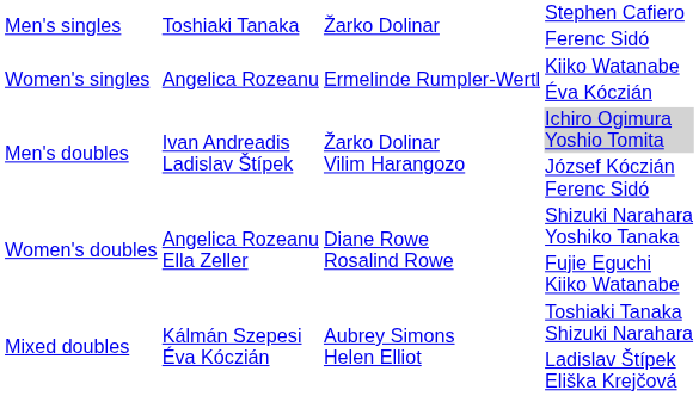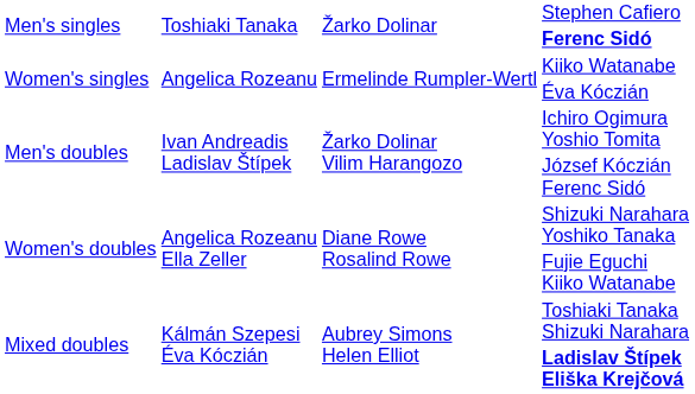 <table>
 <tr>
 <td rowspan=2><a href='#'>Men's singles</a></td>
 <td rowspan=2> <a href='#'>Toshiaki Tanaka</a></td>
 <td rowspan=2> <a href='#'>Žarko Dolinar</a></td>
 <td> <a href='#'>Stephen Cafiero</a></td>
 </tr>
 <tr>
-<td> <a href='#'>Ferenc Sidó</a></td>
+<td><strong> <a href='#'>Ferenc Sidó</a></strong></td>
 </tr>
 <tr>
 <td rowspan=2><a href='#'>Women's singles</a></td>
 <td rowspan=2> <a href='#'>Angelica Rozeanu</a></td>
 <td rowspan=2> <a href='#'>Ermelinde Rumpler-Wertl</a></td>
 <td> <a href='#'>Kiiko Watanabe</a></td>
 </tr>
 <tr>
 <td> <a href='#'>Éva Kóczián</a></td>
 </tr>
 <tr>
 <td rowspan=2><a href='#'>Men's doubles</a></td>
 <td rowspan=2> <a href='#'>Ivan Andreadis</a><br> <a href='#'>Ladislav Štípek</a></td>
 <td rowspan=2> <a href='#'>Žarko Dolinar</a><br> <a href='#'>Vilim Harangozo</a></td>
-<td style="background: lightgrey;"> <a href='#'>Ichiro Ogimura</a><br> <a href='#'>Yoshio Tomita</a></td>
+<td> <a href='#'>Ichiro Ogimura</a><br> <a href='#'>Yoshio Tomita</a></td>
 </tr>
 <tr>
 <td> <a href='#'>József Kóczián</a><br> <a href='#'>Ferenc Sidó</a></td>
 </tr>
 <tr>
 <td rowspan=2><a href='#'>Women's doubles</a></td>
 <td rowspan=2> <a href='#'>Angelica Rozeanu</a><br> <a href='#'>Ella Zeller</a></td>
 <td rowspan=2> <a href='#'>Diane Rowe</a><br> <a href='#'>Rosalind Rowe</a></td>
 <td> <a href='#'>Shizuki Narahara</a><br> <a href='#'>Yoshiko Tanaka</a></td>
 </tr>
 <tr>
 <td> <a href='#'>Fujie Eguchi</a><br> <a href='#'>Kiiko Watanabe</a></td>
 </tr>
 <tr>
 <td rowspan=2><a href='#'>Mixed doubles</a></td>
 <td rowspan=2> <a href='#'>Kálmán Szepesi</a><br> <a href='#'>Éva Kóczián</a></td>
 <td rowspan=2> <a href='#'>Aubrey Simons</a><br> <a href='#'>Helen Elliot</a></td>
 <td> <a href='#'>Toshiaki Tanaka</a> <br> <a href='#'>Shizuki Narahara</a></td>
 </tr>
 <tr>
-<td> <a href='#'>Ladislav Štípek</a><br> <a href='#'>Eliška Krejčová</a></td>
+<td><strong> <a href='#'>Ladislav Štípek</a><br> <a href='#'>Eliška Krejčová</a></strong></td>
 </tr>
 </table>
